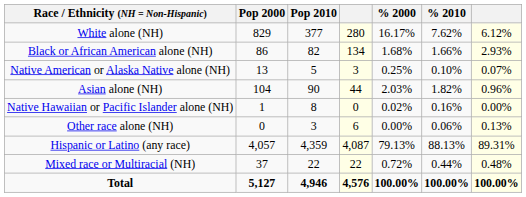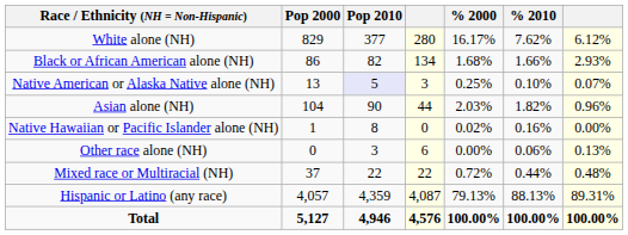 <table class="wikitable" style="text-align:center;">
 <tr>
 <th>Race / Ethnicity <small>(<em>NH = Non-Hispanic</em>)</small></th>
 <th>Pop 2000</th>
 <th>Pop 2010</th>
 <th></th>
 <th>% 2000</th>
 <th>% 2010</th>
 <th></th>
 </tr>
 <tr>
 <td><a href='#'>White</a> alone (NH)</td>
 <td>829</td>
 <td>377</td>
 <td style='background: #ffffe6;'>280</td>
 <td>16.17%</td>
 <td>7.62%</td>
 <td style='background: #ffffe6;'>6.12%</td>
 </tr>
 <tr>
 <td><a href='#'>Black or African American</a> alone (NH)</td>
 <td>86</td>
 <td>82</td>
 <td style='background: #ffffe6;'>134</td>
 <td>1.68%</td>
 <td>1.66%</td>
 <td style='background: #ffffe6;'>2.93%</td>
 </tr>
 <tr>
 <td><a href='#'>Native American</a> or <a href='#'>Alaska Native</a> alone (NH)</td>
 <td>13</td>
-<td>5</td>
+<td style="background: lavender;">5</td>
 <td style='background: #ffffe6;'>3</td>
 <td>0.25%</td>
 <td>0.10%</td>
 <td style='background: #ffffe6;'>0.07%</td>
 </tr>
 <tr>
 <td><a href='#'>Asian</a> alone (NH)</td>
 <td>104</td>
 <td>90</td>
 <td style='background: #ffffe6;'>44</td>
 <td>2.03%</td>
 <td>1.82%</td>
 <td style='background: #ffffe6;'>0.96%</td>
 </tr>
 <tr>
 <td><a href='#'>Native Hawaiian</a> or <a href='#'>Pacific Islander</a> alone (NH)</td>
 <td>1</td>
 <td>8</td>
 <td style='background: #ffffe6;'>0</td>
 <td>0.02%</td>
 <td>0.16%</td>
 <td style='background: #ffffe6;'>0.00%</td>
 </tr>
 <tr>
 <td><a href='#'>Other race</a> alone (NH)</td>
 <td>0</td>
 <td>3</td>
 <td style='background: #ffffe6;'>6</td>
 <td>0.00%</td>
 <td>0.06%</td>
 <td style='background: #ffffe6;'>0.13%</td>
 </tr>
 <tr>
+<td><a href='#'>Mixed race or Multiracial</a> (NH)</td>
+<td>37</td>
+<td>22</td>
+<td style='background: #ffffe6;'>22</td>
+<td>0.72%</td>
+<td>0.44%</td>
+<td style='background: #ffffe6;'>0.48%</td>
+</tr>
+<tr>
 <td><a href='#'>Hispanic or Latino</a> (any race)</td>
 <td>4,057</td>
 <td>4,359</td>
 <td style='background: #ffffe6;'>4,087</td>
 <td>79.13%</td>
 <td>88.13%</td>
 <td style='background: #ffffe6;'>89.31%</td>
-</tr>
-<tr>
-<td><a href='#'>Mixed race or Multiracial</a> (NH)</td>
-<td>37</td>
-<td>22</td>
-<td style='background: #ffffe6;'>22</td>
-<td>0.72%</td>
-<td>0.44%</td>
-<td style='background: #ffffe6;'>0.48%</td>
 </tr>
 <tr>
 <td><strong>Total</strong></td>
 <td><strong>5,127</strong></td>
 <td><strong>4,946</strong></td>
 <td style='background: #ffffe6;'><strong>4,576</strong></td>
 <td><strong>100.00%</strong></td>
 <td><strong>100.00%</strong></td>
 <td style='background: #ffffe6;'><strong>100.00%</strong></td>
 </tr>
 </table>
